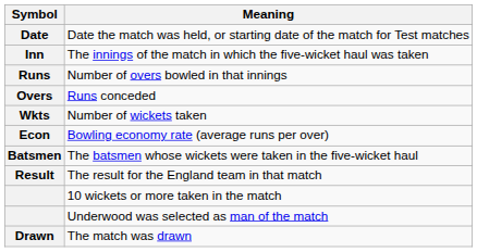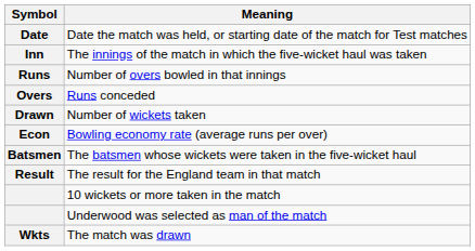 <table class="wikitable plainrowheaders" border="1">
 <tr>
 <th>Symbol</th>
 <th>Meaning</th>
 </tr>
 <tr>
 <th scope="row">Date</th>
 <td>Date the match was held, or starting date of the match for Test matches</td>
 </tr>
 <tr>
 <th scope="row">Inn</th>
 <td>The <a href='#'>innings</a> of the match in which the five-wicket haul was taken</td>
 </tr>
 <tr>
 <th scope="row">Runs</th>
 <td>Number of <a href='#'>overs</a> bowled in that innings</td>
 </tr>
 <tr>
 <th scope="row">Overs</th>
 <td><a href='#'>Runs</a> conceded</td>
 </tr>
 <tr>
-<th scope="row">Wkts</th>
+<th scope="row">Drawn</th>
 <td>Number of <a href='#'>wickets</a> taken</td>
 </tr>
 <tr>
 <th scope="row">Econ</th>
 <td><a href='#'>Bowling economy rate</a> (average runs per over)</td>
 </tr>
 <tr>
 <th scope="row">Batsmen</th>
 <td>The <a href='#'>batsmen</a> whose wickets were taken in the five-wicket haul</td>
 </tr>
 <tr>
 <th scope="row">Result</th>
 <td>The result for the England team in that match</td>
 </tr>
 <tr>
 <th scope="row"></th>
 <td>10 wickets or more taken in the match</td>
 </tr>
 <tr>
 <th scope="row"></th>
 <td>Underwood was selected as <a href='#'>man of the match</a></td>
 </tr>
 <tr>
-<th scope="row">Drawn</th>
+<th scope="row">Wkts</th>
 <td>The match was <a href='#'>drawn</a></td>
 </tr>
 </table>
